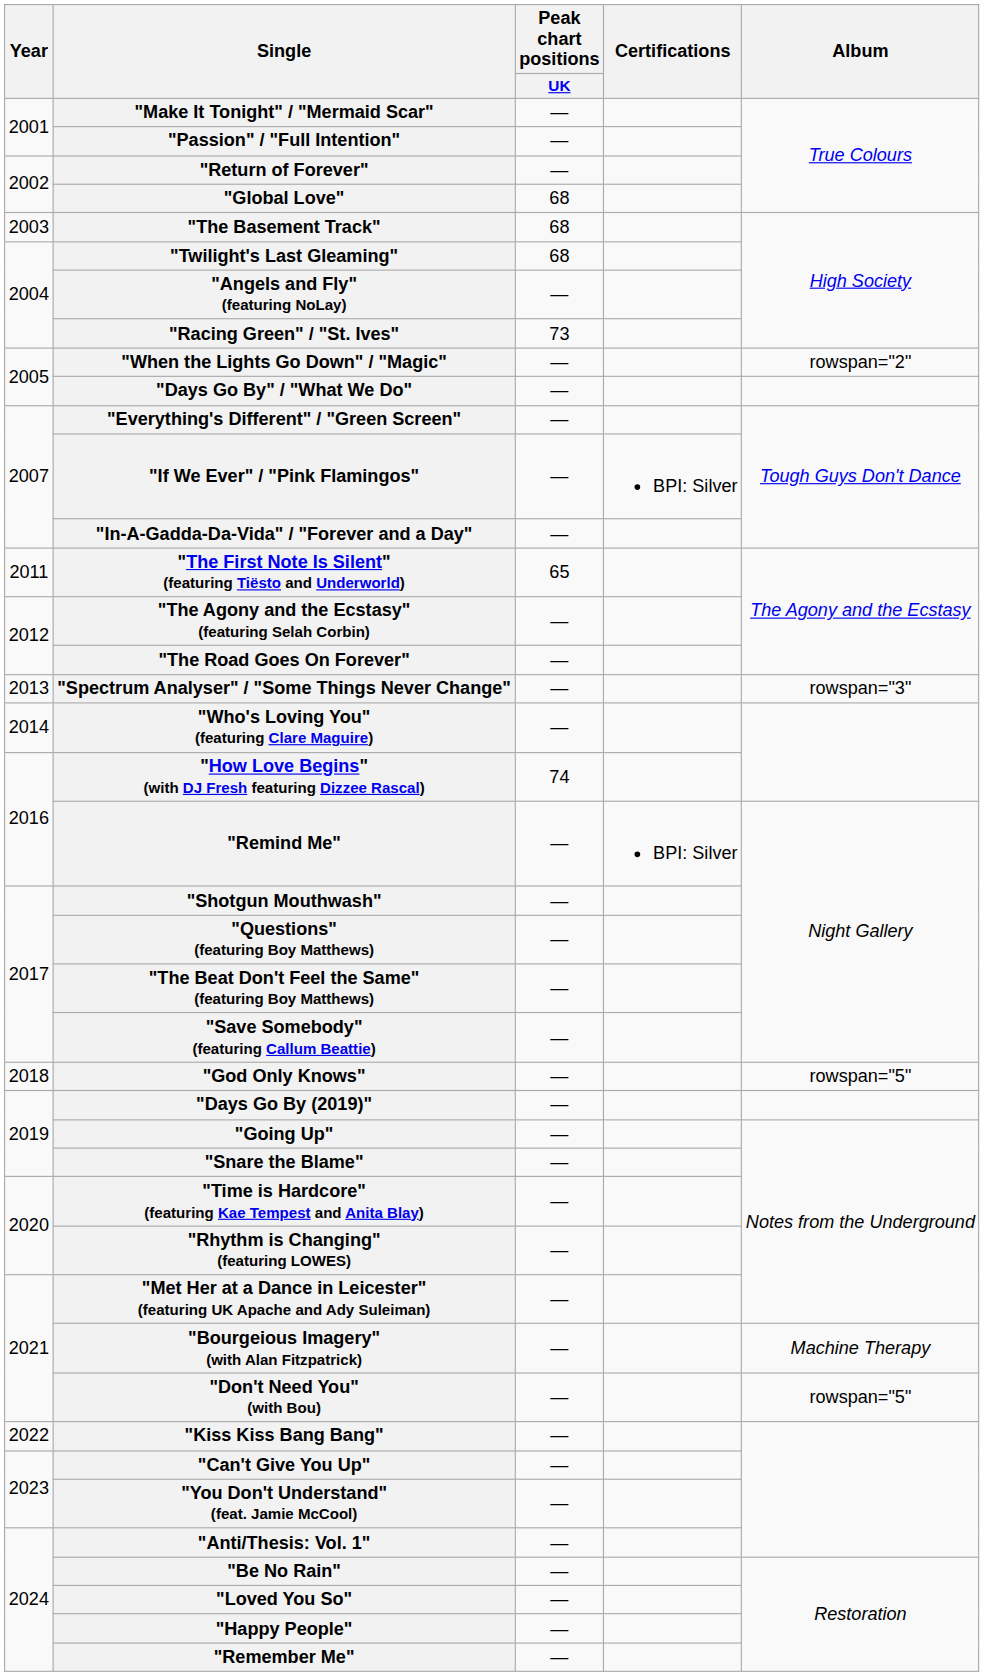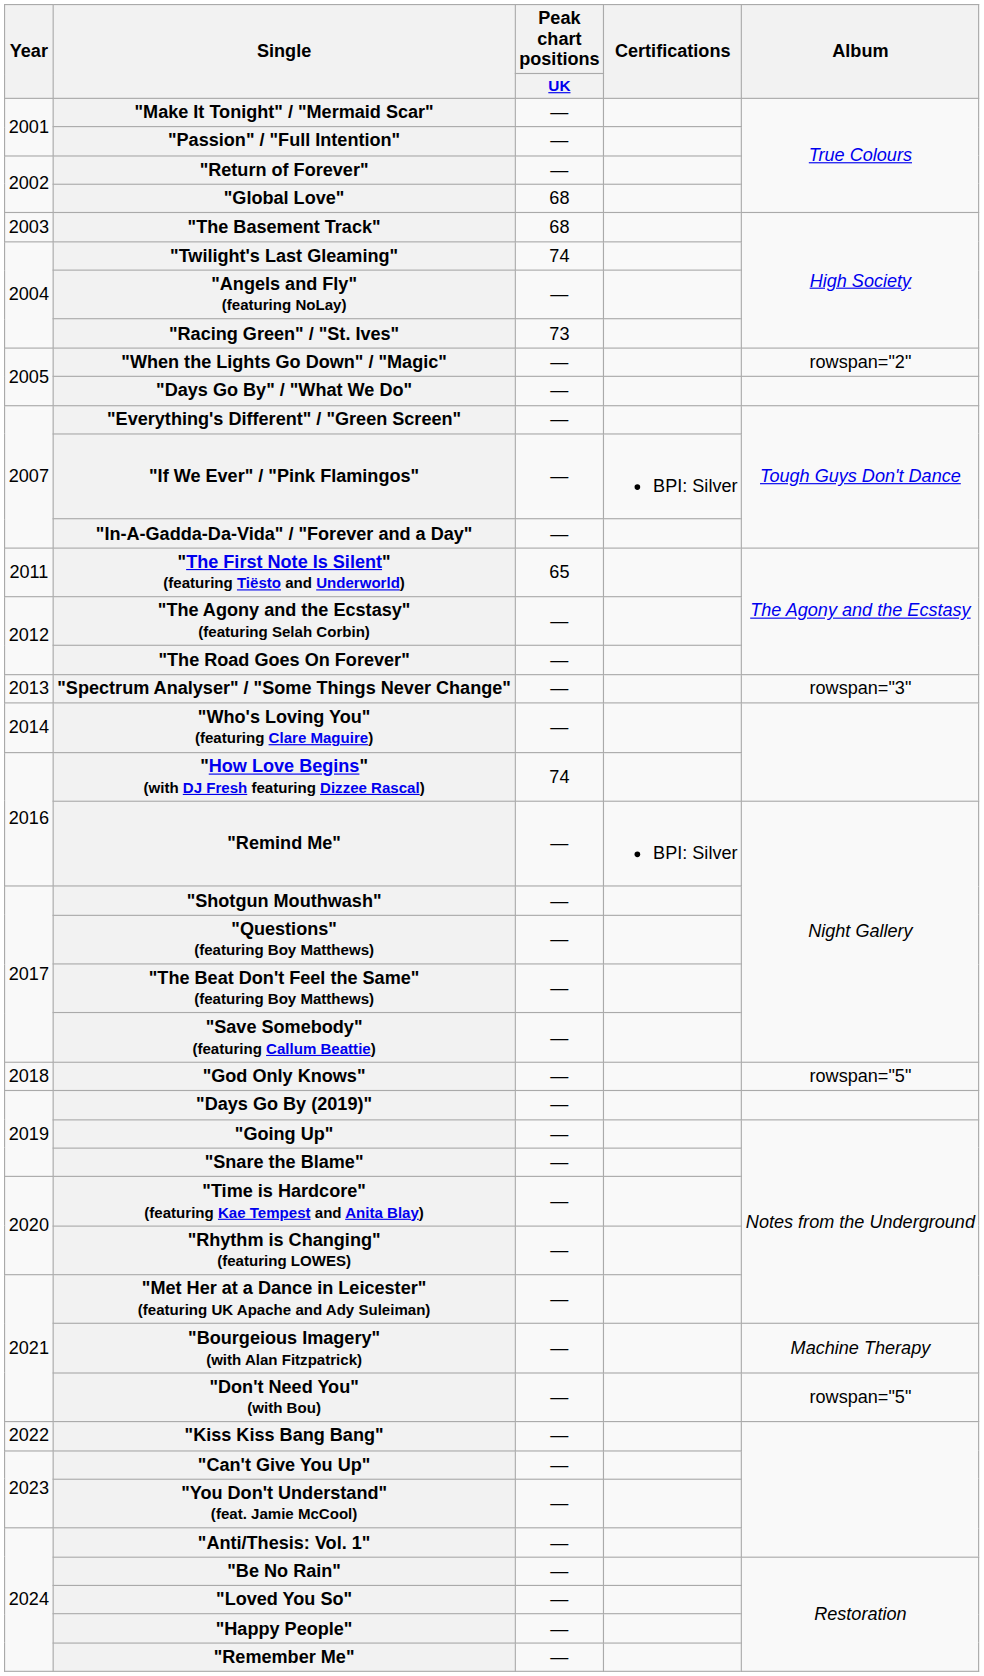 <table class="wikitable plainrowheaders" style="text-align:center;">
 <tr>
 <th scope="col" rowspan="2">Year</th>
 <th scope="col" rowspan="2">Single</th>
 <th scope="col" colspan="1">Peak chart positions</th>
 <th scope="col" rowspan="2">Certifications</th>
 <th scope="col" rowspan="2">Album</th>
 </tr>
 <tr>
 <th scope="col" style="width:3em;font-size:85%;"><a href='#'>UK</a><br></th>
 </tr>
 <tr>
 <td rowspan="2">2001</td>
 <th scope="row">"Make It Tonight" / "Mermaid Scar"</th>
 <td>—</td>
 <td></td>
 <td rowspan="4"><em><a href='#'>True Colours</a></em></td>
 </tr>
 <tr>
 <th scope="row">"Passion" / "Full Intention"</th>
 <td>—</td>
 <td></td>
 </tr>
 <tr>
 <td rowspan="2">2002</td>
 <th scope="row">"Return of Forever"</th>
 <td>—</td>
 <td></td>
 </tr>
 <tr>
 <th scope="row">"Global Love"</th>
 <td>68</td>
 <td></td>
 </tr>
 <tr>
 <td>2003</td>
 <th scope="row">"The Basement Track"</th>
 <td>68</td>
 <td></td>
 <td rowspan="4"><em><a href='#'>High Society</a></em></td>
 </tr>
 <tr>
 <td rowspan="3">2004</td>
 <th scope="row">"Twilight's Last Gleaming"</th>
-<td>68</td>
+<td>74</td>
 <td></td>
 </tr>
 <tr>
 <th scope="row">"Angels and Fly" <br><small>(featuring NoLay)</small></th>
 <td>—</td>
 <td></td>
 </tr>
 <tr>
 <th scope="row">"Racing Green" / "St. Ives"</th>
 <td>73</td>
 <td></td>
 </tr>
 <tr>
 <td rowspan="2">2005</td>
 <th scope="row">"When the Lights Go Down" / "Magic"</th>
 <td>—</td>
 <td></td>
 <td>rowspan="2" </td>
 </tr>
 <tr>
 <th scope="row">"Days Go By" / "What We Do"</th>
 <td>—</td>
 <td></td>
 </tr>
 <tr>
 <td rowspan="3">2007</td>
 <th scope="row">"Everything's Different" / "Green Screen"</th>
 <td>—</td>
 <td></td>
 <td rowspan="3"><em><a href='#'>Tough Guys Don't Dance</a></em></td>
 </tr>
 <tr>
 <th scope="row">"If We Ever" / "Pink Flamingos"</th>
 <td>—</td>
 <td><br><ul><li>BPI: Silver</li></ul></td>
 </tr>
 <tr>
 <th scope="row">"In-A-Gadda-Da-Vida" / "Forever and a Day"</th>
 <td>—</td>
 <td></td>
 </tr>
 <tr>
 <td>2011</td>
 <th scope="row">"<a href='#'>The First Note Is Silent</a>" <br><small>(featuring <a href='#'>Tiësto</a> and <a href='#'>Underworld</a>)</small></th>
 <td>65</td>
 <td></td>
 <td rowspan="3"><em><a href='#'>The Agony and the Ecstasy</a></em></td>
 </tr>
 <tr>
 <td rowspan="2">2012</td>
 <th scope="row">"The Agony and the Ecstasy" <br><small>(featuring Selah Corbin)</small></th>
 <td>—</td>
 <td></td>
 </tr>
 <tr>
 <th scope="row">"The Road Goes On Forever"</th>
 <td>—</td>
 <td></td>
 </tr>
 <tr>
 <td>2013</td>
 <th scope="row">"Spectrum Analyser" / "Some Things Never Change"</th>
 <td>—</td>
 <td></td>
 <td>rowspan="3" </td>
 </tr>
 <tr>
 <td>2014</td>
 <th scope="row">"Who's Loving You" <br><small>(featuring <a href='#'>Clare Maguire</a>)</small></th>
 <td>—</td>
 <td></td>
 </tr>
 <tr>
 <td rowspan="2">2016</td>
 <th scope="row">"<a href='#'>How Love Begins</a>" <br><small>(with <a href='#'>DJ Fresh</a> featuring <a href='#'>Dizzee Rascal</a>)</small></th>
 <td>74</td>
 <td></td>
 </tr>
 <tr>
 <th scope="row">"Remind Me"</th>
 <td>—</td>
 <td><br><ul><li>BPI: Silver</li></ul></td>
 <td rowspan="5"><em>Night Gallery</em></td>
 </tr>
 <tr>
 <td rowspan="4">2017</td>
 <th scope="row">"Shotgun Mouthwash"</th>
 <td>—</td>
 <td></td>
 </tr>
 <tr>
 <th scope="row">"Questions" <br><small>(featuring Boy Matthews)</small></th>
 <td>—</td>
 <td></td>
 </tr>
 <tr>
 <th scope="row">"The Beat Don't Feel the Same" <br><small>(featuring Boy Matthews)</small></th>
 <td>—</td>
 <td></td>
 </tr>
 <tr>
 <th scope="row">"Save Somebody" <br><small>(featuring <a href='#'>Callum Beattie</a>)</small></th>
 <td>—</td>
 <td></td>
 </tr>
 <tr>
 <td>2018</td>
 <th scope="row">"God Only Knows"</th>
 <td>—</td>
 <td></td>
 <td>rowspan="5" </td>
 </tr>
 <tr>
 <td rowspan="3">2019</td>
 <th scope="row">"Days Go By (2019)"</th>
 <td>—</td>
 <td></td>
 </tr>
 <tr>
 <th scope="row">"Going Up"</th>
 <td>—</td>
 <td></td>
 <td rowspan="5"><em>Notes from the Underground</em></td>
 </tr>
 <tr>
 <th scope="row">"Snare the Blame"</th>
 <td>—</td>
 <td></td>
 </tr>
 <tr>
 <td rowspan="2">2020</td>
 <th scope="row">"Time is Hardcore" <br><small>(featuring <a href='#'>Kae Tempest</a> and <a href='#'>Anita Blay</a>)</small></th>
 <td>—</td>
 <td></td>
 </tr>
 <tr>
 <th scope="row">"Rhythm is Changing" <br><small>(featuring LOWES)</small></th>
 <td>—</td>
 <td></td>
 </tr>
 <tr>
 <td rowspan="3">2021</td>
 <th scope="row">"Met Her at a Dance in Leicester" <br><small>(featuring UK Apache and Ady Suleiman)</small></th>
 <td>—</td>
 <td></td>
 </tr>
 <tr>
 <th scope="row">"Bourgeious Imagery" <br><small>(with Alan Fitzpatrick)</small></th>
 <td>—</td>
 <td></td>
 <td><em>Machine Therapy</em></td>
 </tr>
 <tr>
 <th scope="row">"Don't Need You" <br><small>(with Bou)</small></th>
 <td>—</td>
 <td></td>
 <td>rowspan="5" </td>
 </tr>
 <tr>
 <td>2022</td>
 <th scope="row">"Kiss Kiss Bang Bang"</th>
 <td>—</td>
 <td></td>
 </tr>
 <tr>
 <td rowspan="2">2023</td>
 <th scope="row">"Can't Give You Up"</th>
 <td>—</td>
 <td></td>
 </tr>
 <tr>
 <th scope="row">"You Don't Understand"<br><small>(feat. Jamie McCool)</small></th>
 <td>—</td>
 <td></td>
 </tr>
 <tr>
 <td rowspan="5">2024</td>
 <th scope="row">"Anti/Thesis: Vol. 1"</th>
 <td>—</td>
 <td></td>
 </tr>
 <tr>
 <th scope="row">"Be No Rain"</th>
 <td>—</td>
 <td></td>
 <td rowspan="4"><em>Restoration</em></td>
 </tr>
 <tr>
 <th scope="row">"Loved You So"</th>
 <td>—</td>
 <td></td>
 </tr>
 <tr>
 <th scope="row">"Happy People"</th>
 <td>—</td>
 <td></td>
 </tr>
 <tr>
 <th scope="row">"Remember Me"</th>
 <td>—</td>
 <td></td>
 </tr>
 </table>
